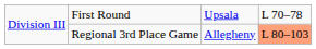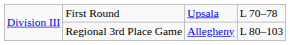 <table class="wikitable">
 <tr>
 <td rowspan="5"><a href='#'>Division III</a></td>
 <td>First Round</td>
 <td><a href='#'>Upsala</a></td>
 <td>L 70–78</td>
 </tr>
 <tr>
 <td>Regional 3rd Place Game</td>
 <td><a href='#'>Allegheny</a></td>
-<td style="background: lightsalmon;">L 80–103</td>
+<td>L 80–103</td>
 </tr>
 </table>
